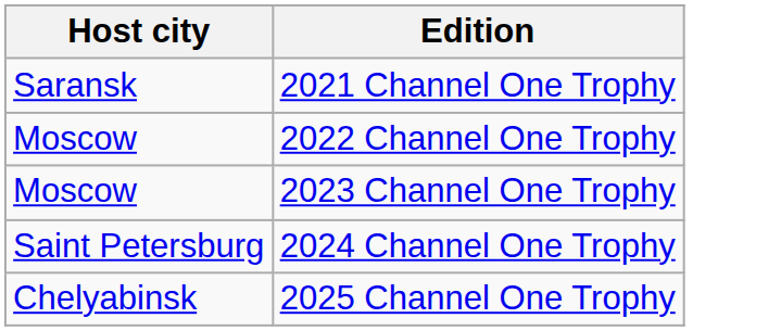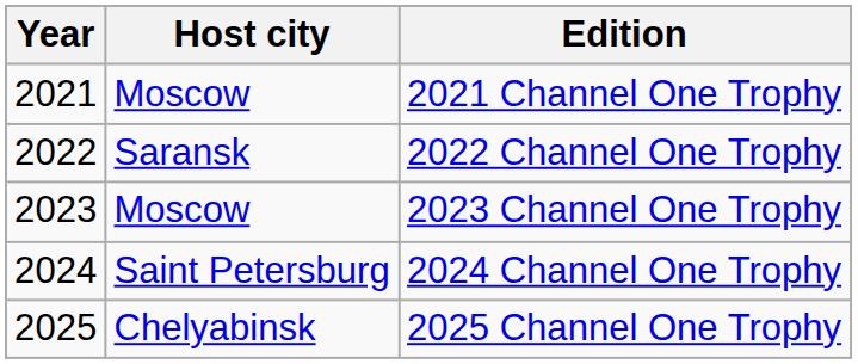 <table class="wikitable">
 <tr bgcolor="efefef">
+<th>Year</th>
 <th>Host city</th>
 <th>Edition</th>
 </tr>
 <tr>
-<td><a href='#'>Saransk</a></td>
+<td align=center>2021</td>
+<td><a href='#'>Moscow</a></td>
 <td><a href='#'>2021 Channel One Trophy</a></td>
 </tr>
 <tr>
-<td><a href='#'>Moscow</a></td>
+<td align=center>2022</td>
+<td><a href='#'>Saransk</a></td>
 <td><a href='#'>2022 Channel One Trophy</a></td>
 </tr>
 <tr>
+<td align=center>2023</td>
 <td><a href='#'>Moscow</a></td>
 <td><a href='#'>2023 Channel One Trophy</a></td>
 </tr>
 <tr>
+<td align=center>2024</td>
 <td><a href='#'>Saint Petersburg</a></td>
 <td><a href='#'>2024 Channel One Trophy</a></td>
 </tr>
 <tr>
+<td align=center>2025</td>
 <td><a href='#'>Chelyabinsk</a></td>
 <td><a href='#'>2025 Channel One Trophy</a></td>
 </tr>
 </table>
